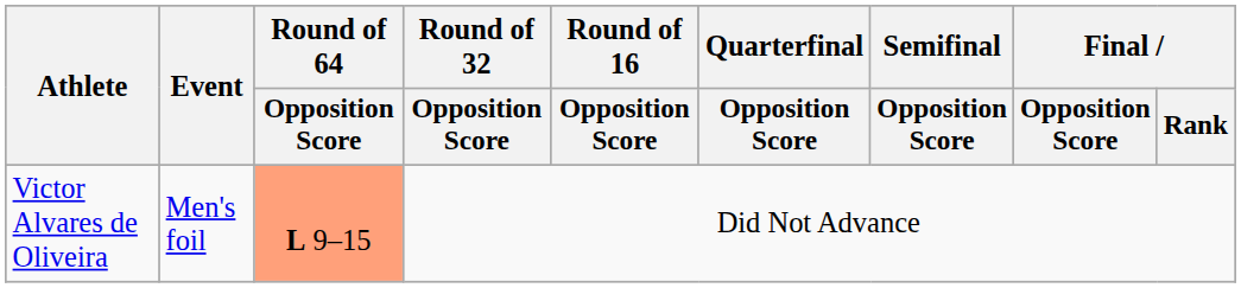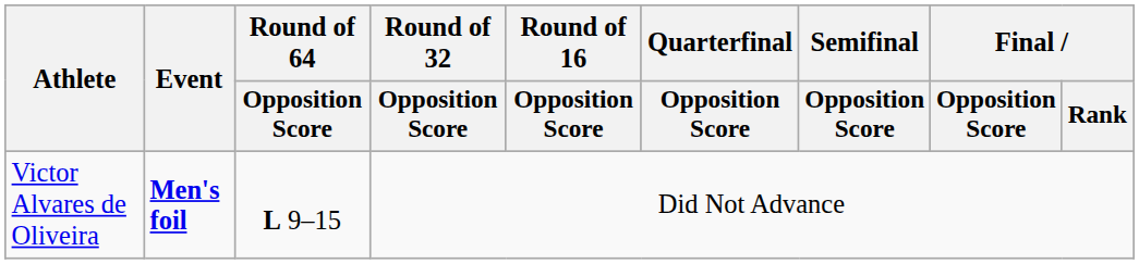 <table class="wikitable" style="font-size:90%">
 <tr>
 <th rowspan="2">Athlete</th>
 <th rowspan="2">Event</th>
 <th>Round of 64</th>
 <th>Round of 32</th>
 <th>Round of 16</th>
 <th>Quarterfinal</th>
 <th>Semifinal</th>
 <th colspan=2>Final / </th>
 </tr>
 <tr style="font-size:95%">
 <th>Opposition <br> Score</th>
 <th>Opposition <br> Score</th>
 <th>Opposition <br> Score</th>
 <th>Opposition <br> Score</th>
 <th>Opposition <br> Score</th>
 <th>Opposition <br> Score</th>
 <th>Rank</th>
 </tr>
 <tr align=center>
 <td align=left><a href='#'>Victor Alvares de Oliveira</a></td>
-<td align=left><a href='#'>Men's foil</a></td>
-<td style="background: lightsalmon;"><br><strong>L</strong> 9–15</td>
+<td align=left><strong><a href='#'>Men's foil</a></strong></td>
+<td><br><strong>L</strong> 9–15</td>
 <td colspan="6">Did Not Advance</td>
 </tr>
 </table>
